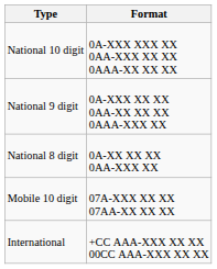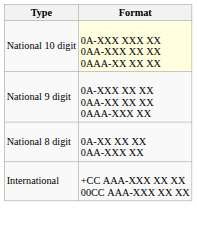 <table class="wikitable">
 <tr>
 <th>Type</th>
 <th>Format</th>
 </tr>
 <tr>
 <td>National 10 digit</td>
-<td><br>0A-XXX XXX XX <br>0AA-XXX XX XX <br>0AAA-XX XX XX</td>
+<td style="background: lightyellow;"><br>0A-XXX XXX XX <br>0AA-XXX XX XX <br>0AAA-XX XX XX</td>
 </tr>
 <tr>
 <td>National 9 digit</td>
 <td><br>0A-XXX XX XX <br>0AA-XX XX XX <br>0AAA-XXX XX</td>
 </tr>
 <tr>
 <td>National 8 digit</td>
 <td><br>0A-XX XX XX <br>0AA-XXX XX</td>
 </tr>
 <tr>
-<td>Mobile 10 digit</td>
-<td><br>07A-XXX XX XX <br>07AA-XX XX XX</td>
-</tr>
-<tr>
 <td>International</td>
 <td><br>+CC AAA-XXX XX XX <br>00CC AAA-XXX XX XX</td>
 </tr>
 </table>
